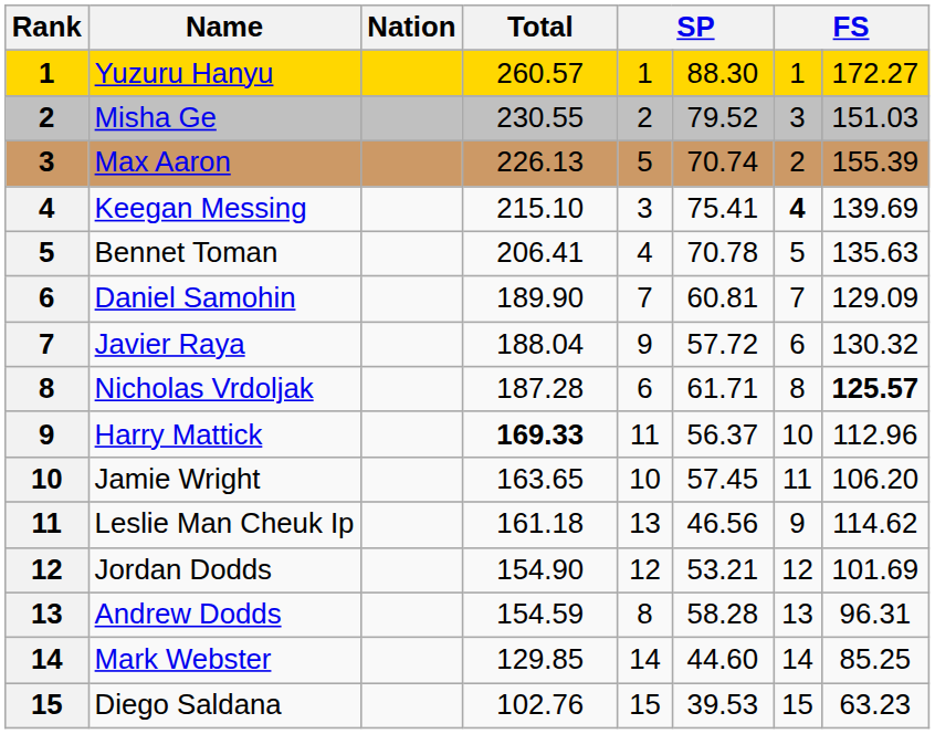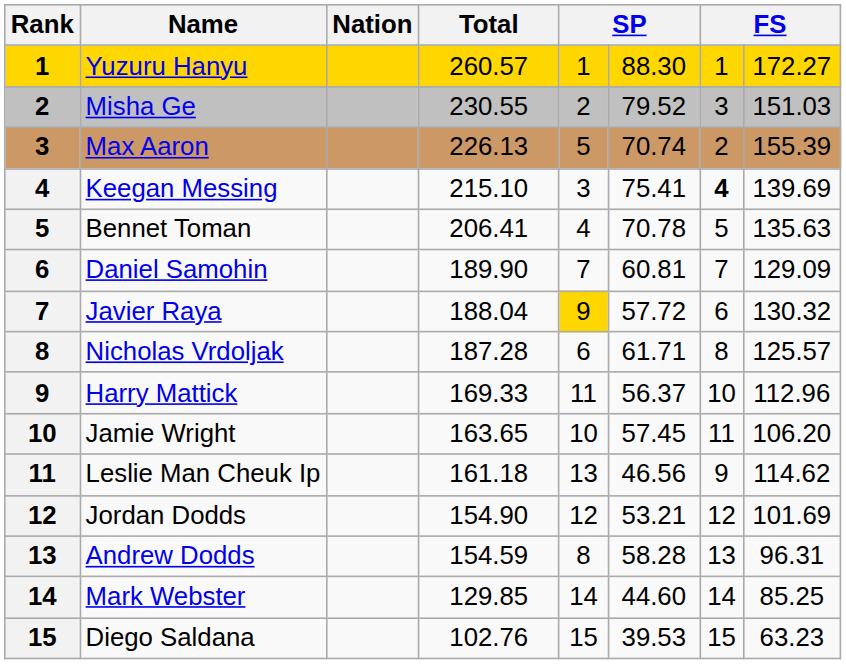 <table class="wikitable sortable">
 <tr>
 <th>Rank</th>
 <th>Name</th>
 <th>Nation</th>
 <th width="80px">Total</th>
 <th colspan="2" width="80px"><a href='#'>SP</a></th>
 <th colspan="2" width="80px"><a href='#'>FS</a></th>
 </tr>
 <tr bgcolor="gold">
 <td align="center"><strong>1</strong></td>
 <td><a href='#'>Yuzuru Hanyu</a></td>
 <td></td>
 <td align="center">260.57</td>
 <td align="center">1</td>
 <td align="center">88.30</td>
 <td align="center">1</td>
 <td align="center">172.27</td>
 </tr>
 <tr bgcolor="silver">
 <td align="center"><strong>2</strong></td>
 <td><a href='#'>Misha Ge</a></td>
 <td></td>
 <td align="center">230.55</td>
 <td align="center">2</td>
 <td align="center">79.52</td>
 <td align="center">3</td>
 <td align="center">151.03</td>
 </tr>
 <tr bgcolor="cc9966">
 <td align="center"><strong>3</strong></td>
 <td><a href='#'>Max Aaron</a></td>
 <td></td>
 <td align="center">226.13</td>
 <td align="center">5</td>
 <td align="center">70.74</td>
 <td align="center">2</td>
 <td align="center">155.39</td>
 </tr>
 <tr>
 <th>4</th>
 <td><a href='#'>Keegan Messing</a></td>
 <td></td>
 <td align="center">215.10</td>
 <td align="center">3</td>
 <td align="center">75.41</td>
 <td align="center"><strong>4</strong></td>
 <td align="center">139.69</td>
 </tr>
 <tr>
 <th>5</th>
 <td>Bennet Toman</td>
 <td></td>
 <td align="center">206.41</td>
 <td align="center">4</td>
 <td align="center">70.78</td>
 <td align="center">5</td>
 <td align="center">135.63</td>
 </tr>
 <tr>
 <th>6</th>
 <td><a href='#'>Daniel Samohin</a></td>
 <td></td>
 <td align="center">189.90</td>
 <td align="center">7</td>
 <td align="center">60.81</td>
 <td align="center">7</td>
 <td align="center">129.09</td>
 </tr>
 <tr>
 <th>7</th>
 <td><a href='#'>Javier Raya</a></td>
 <td></td>
 <td align="center">188.04</td>
-<td align="center">9</td>
+<td align="center" style="background: gold;">9</td>
 <td align="center">57.72</td>
 <td align="center">6</td>
 <td align="center">130.32</td>
 </tr>
 <tr>
 <th>8</th>
 <td><a href='#'>Nicholas Vrdoljak</a></td>
 <td></td>
 <td align="center">187.28</td>
 <td align="center">6</td>
 <td align="center">61.71</td>
 <td align="center">8</td>
-<td align="center"><strong>125.57</strong></td>
+<td align="center">125.57</td>
 </tr>
 <tr>
 <th>9</th>
 <td><a href='#'>Harry Mattick</a></td>
 <td></td>
-<td align="center"><strong>169.33</strong></td>
+<td align="center">169.33</td>
 <td align="center">11</td>
 <td align="center">56.37</td>
 <td align="center">10</td>
 <td align="center">112.96</td>
 </tr>
 <tr>
 <th>10</th>
 <td>Jamie Wright</td>
 <td></td>
 <td align="center">163.65</td>
 <td align="center">10</td>
 <td align="center">57.45</td>
 <td align="center">11</td>
 <td align="center">106.20</td>
 </tr>
 <tr>
 <th>11</th>
 <td>Leslie Man Cheuk Ip</td>
 <td></td>
 <td align="center">161.18</td>
 <td align="center">13</td>
 <td align="center">46.56</td>
 <td align="center">9</td>
 <td align="center">114.62</td>
 </tr>
 <tr>
 <th>12</th>
 <td>Jordan Dodds</td>
 <td></td>
 <td align="center">154.90</td>
 <td align="center">12</td>
 <td align="center">53.21</td>
 <td align="center">12</td>
 <td align="center">101.69</td>
 </tr>
 <tr>
 <th>13</th>
 <td><a href='#'>Andrew Dodds</a></td>
 <td></td>
 <td align="center">154.59</td>
 <td align="center">8</td>
 <td align="center">58.28</td>
 <td align="center">13</td>
 <td align="center">96.31</td>
 </tr>
 <tr>
 <th>14</th>
 <td><a href='#'>Mark Webster</a></td>
 <td></td>
 <td align="center">129.85</td>
 <td align="center">14</td>
 <td align="center">44.60</td>
 <td align="center">14</td>
 <td align="center">85.25</td>
 </tr>
 <tr>
 <th>15</th>
 <td>Diego Saldana</td>
 <td></td>
 <td align="center">102.76</td>
 <td align="center">15</td>
 <td align="center">39.53</td>
 <td align="center">15</td>
 <td align="center">63.23</td>
 </tr>
 </table>
